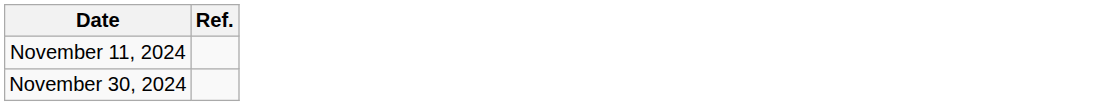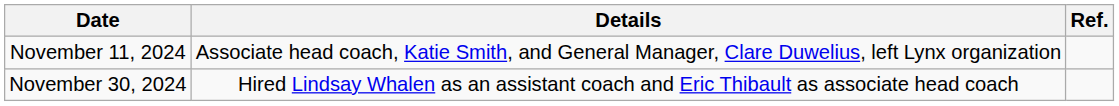 <table class="wikitable sortable sortable" style="text-align: center">
 <tr>
 <th>Date</th>
+<th>Details</th>
 <th>Ref.</th>
 </tr>
 <tr>
 <td>November 11, 2024</td>
+<td>Associate head coach, <a href='#'>Katie Smith</a>, and General Manager, <a href='#'>Clare Duwelius</a>, left Lynx organization</td>
 <td></td>
 </tr>
 <tr>
 <td>November 30, 2024</td>
+<td>Hired <a href='#'>Lindsay Whalen</a> as an assistant coach and <a href='#'>Eric Thibault</a> as associate head coach</td>
 <td></td>
 </tr>
 </table>
